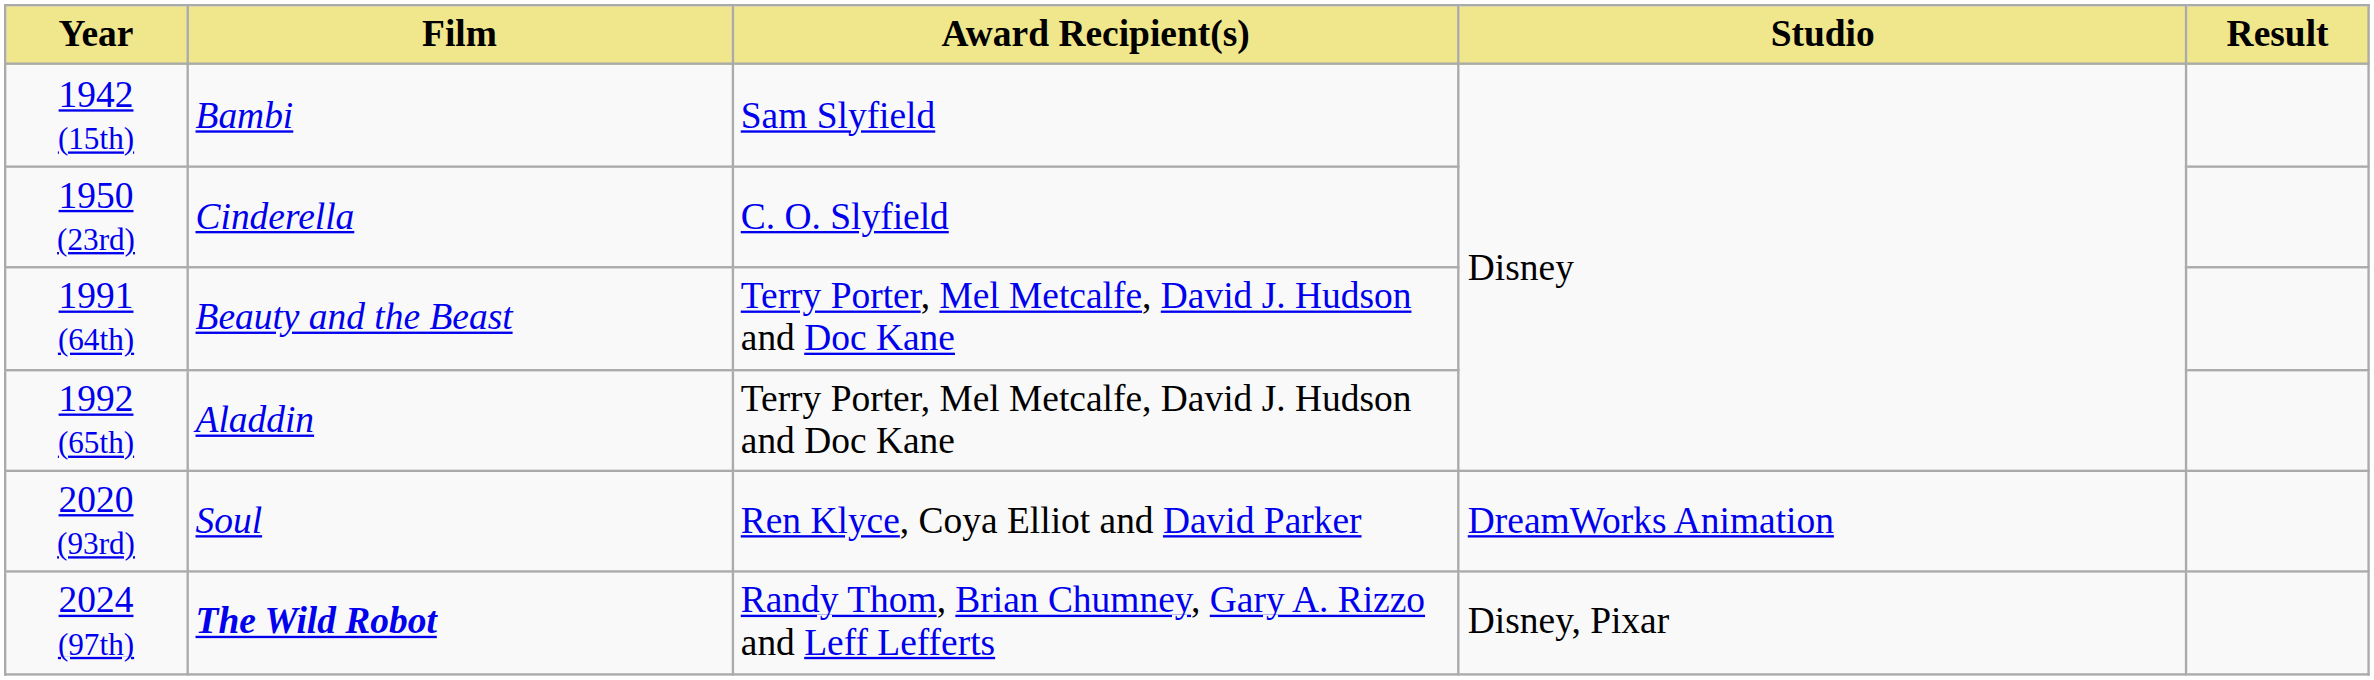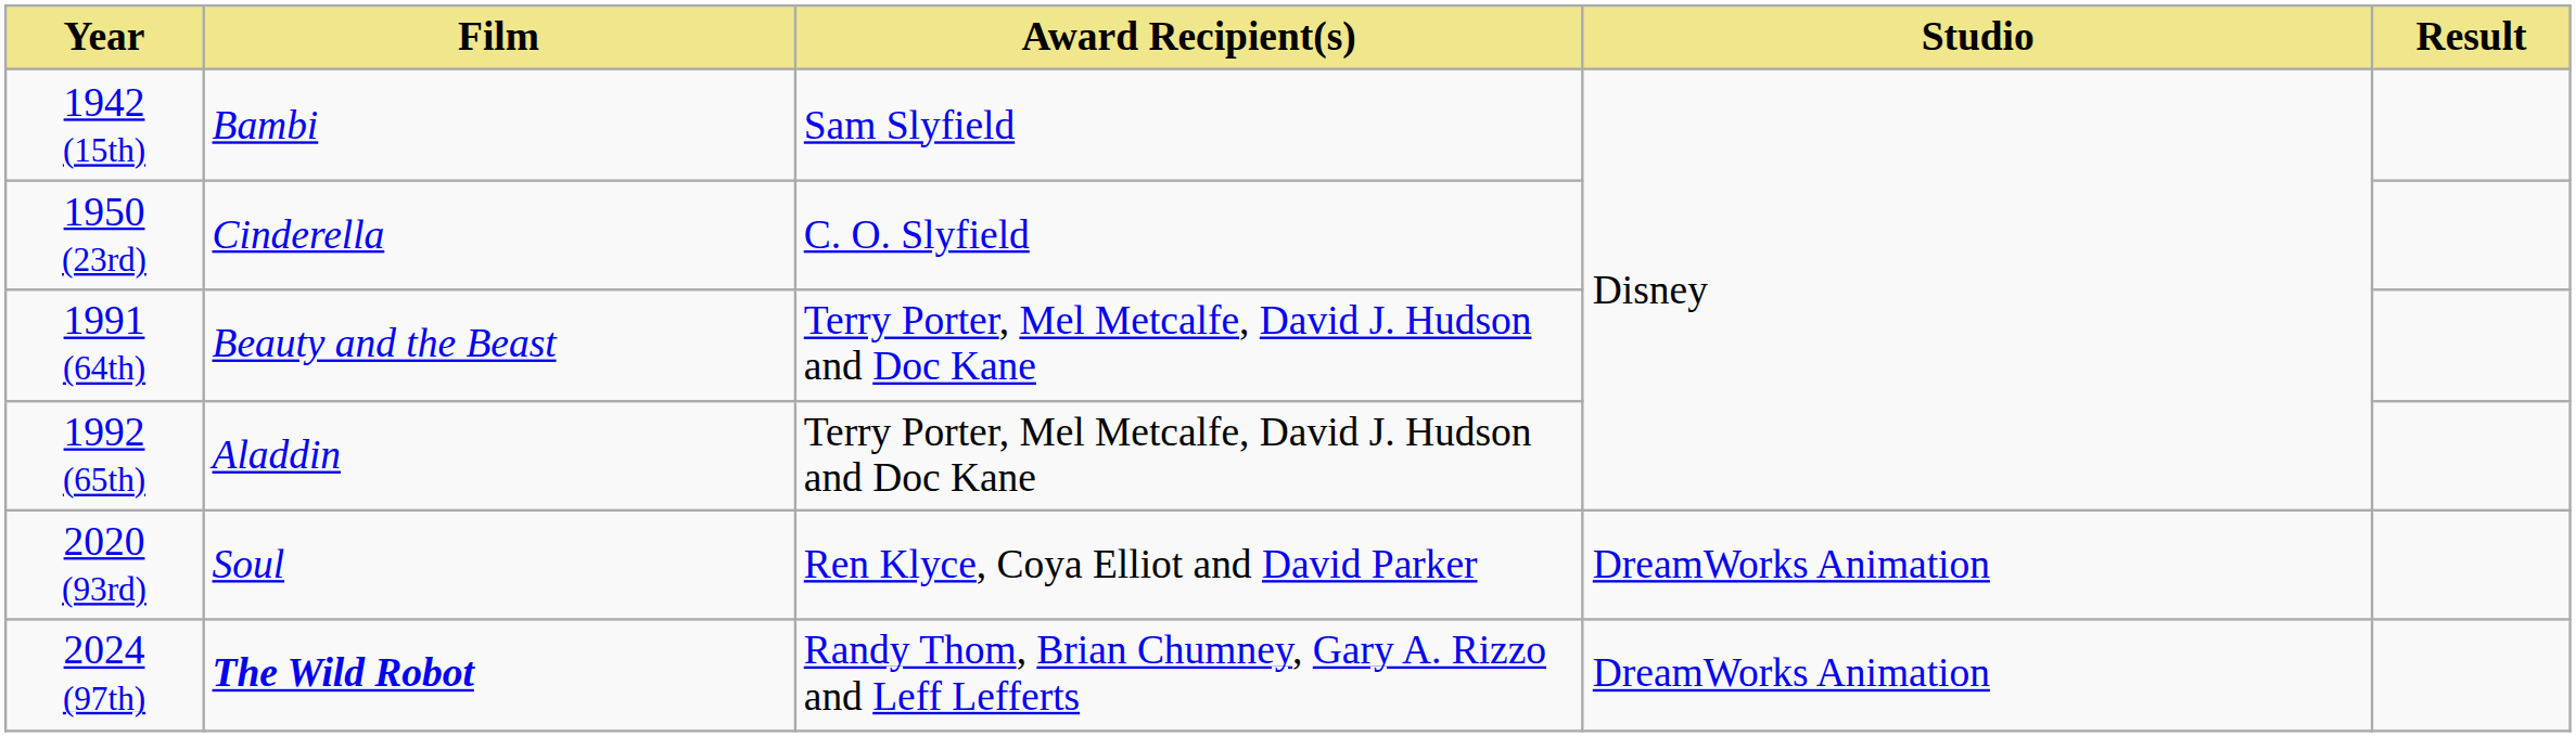 <table class="wikitable" width="80%">
 <tr>
 <th width="5%" style="background:#F0E68C">Year</th>
 <th width="15%" style="background:#F0E68C">Film</th>
 <th width="20%" style="background:#F0E68C">Award Recipient(s)</th>
 <th width="20%" style="background:#F0E68C">Studio</th>
 <th width="5%" style="background:#F0E68C">Result</th>
 </tr>
 <tr>
 <td align="center"><a href='#'>1942</a><br><small><a href='#'>(15th)</a></small></td>
 <td><em><a href='#'>Bambi</a></em></td>
 <td><a href='#'>Sam Slyfield</a></td>
 <td rowspan="4">Disney</td>
 <td></td>
 </tr>
 <tr>
 <td align="center"><a href='#'>1950</a><br><small><a href='#'>(23rd)</a></small></td>
 <td><em><a href='#'>Cinderella</a></em></td>
 <td><a href='#'>C. O. Slyfield</a></td>
 <td></td>
 </tr>
 <tr>
 <td align="center"><a href='#'>1991</a><br><small><a href='#'>(64th)</a></small></td>
 <td><em><a href='#'>Beauty and the Beast</a></em></td>
 <td><a href='#'>Terry Porter</a>, <a href='#'>Mel Metcalfe</a>, <a href='#'>David J. Hudson</a> and <a href='#'>Doc Kane</a></td>
 <td></td>
 </tr>
 <tr>
 <td align="center"><a href='#'>1992</a><br><small><a href='#'>(65th)</a></small></td>
 <td><em><a href='#'>Aladdin</a></em></td>
 <td>Terry Porter, Mel Metcalfe, David J. Hudson and Doc Kane</td>
 <td></td>
 </tr>
 <tr>
 <td align="center"><a href='#'>2020</a><br><small><a href='#'>(93rd)</a></small></td>
 <td><em><a href='#'>Soul</a></em></td>
 <td><a href='#'>Ren Klyce</a>, Coya Elliot and <a href='#'>David Parker</a></td>
 <td><a href='#'>DreamWorks Animation</a></td>
 <td></td>
 </tr>
 <tr>
 <td align="center"><a href='#'>2024</a><br><small><a href='#'>(97th)</a></small></td>
 <td><strong><em><a href='#'>The Wild Robot</a></em></strong></td>
 <td><a href='#'>Randy Thom</a>, <a href='#'>Brian Chumney</a>, <a href='#'>Gary A. Rizzo</a> and <a href='#'>Leff Lefferts</a></td>
-<td>Disney, Pixar</td>
+<td><a href='#'>DreamWorks Animation</a></td>
 <td></td>
 </tr>
 </table>
